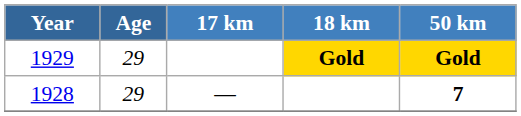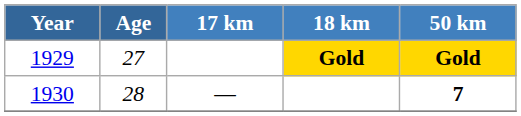 <table class="wikitable" style="font-size:95%; text-align:center; border:grey solid 1px; border-collapse:collapse; background:#ffffff;">
 <tr>
 <th style="background-color:#369; color:white; width:60px;"> Year </th>
 <th style="background-color:#369; color:white; width:40px;"> Age </th>
 <th style="background-color:#4180be; color:white; width:75px;"> 17 km </th>
 <th style="background-color:#4180be; color:white; width:75px;"> 18 km </th>
 <th style="background-color:#4180be; color:white; width:75px;"> 50 km </th>
 </tr>
 <tr>
 <td><a href='#'>1929</a></td>
-<td><em>29</em></td>
+<td><em>27</em></td>
 <td></td>
 <td style="background:gold;"><strong>Gold</strong></td>
 <td style="background:gold;"><strong>Gold</strong></td>
 </tr>
 <tr>
-<td><a href='#'>1928</a></td>
-<td><em>29</em></td>
+<td><a href='#'>1930</a></td>
+<td><em>28</em></td>
 <td>—</td>
 <td></td>
 <td><strong>7</strong></td>
 </tr>
 <tr>
 </tr>
 </table>
